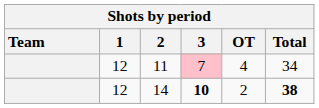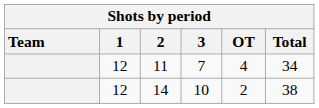 <table style="width: 20em;" class="wikitable">
 <tr>
 <th scope="colgroup" colspan="8">Shots by period</th>
 </tr>
 <tr>
 <th scope="col" style="width:8em; text-align:left;">Team</th>
 <th scope="col" style="width:3em;">1</th>
 <th scope="col" style="width:3em;">2</th>
 <th scope="col" style="width:3em;">3</th>
 <th scope="col" style="width:3em;">OT</th>
 <th scope="col" style="width:3em;">Total</th>
 </tr>
 <tr style="text-align: center;">
 <th scope="row" style="text-align: left;"></th>
 <td>12</td>
 <td>11</td>
-<td style="background: pink;">7</td>
+<td>7</td>
 <td>4</td>
 <td>34</td>
 </tr>
 <tr style="text-align: center;">
 <th scope="row" style="text-align: left;"></th>
 <td>12</td>
 <td>14</td>
-<td><strong>10</strong></td>
+<td>10</td>
 <td>2</td>
-<td><strong>38</strong></td>
+<td>38</td>
 </tr>
 </table>
